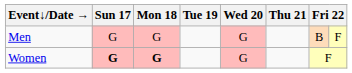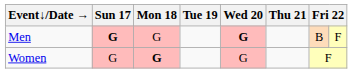 <table class="wikitable" style="margin:0.5em auto; font-size:90%; line-height:1.25em;text-align:center">
 <tr>
 <th>Event↓/Date →</th>
 <th>Sun 17</th>
 <th>Mon 18</th>
 <th>Tue 19</th>
 <th>Wed 20</th>
 <th>Thu 21</th>
 <th colspan="2">Fri 22</th>
 </tr>
 <tr>
 <td style="text-align:left;"><a href='#'>Men</a></td>
-<td bgcolor="#FFBBBB">G</td>
+<td bgcolor="#FFBBBB"><strong>G</strong></td>
 <td bgcolor="#FFBBBB">G</td>
 <td></td>
-<td bgcolor="#FFBBBB">G</td>
+<td bgcolor="#FFBBBB"><strong>G</strong></td>
 <td></td>
 <td bgcolor="#FEDCBA">B</td>
 <td bgcolor="#FFFFBB">F</td>
 </tr>
 <tr>
 <td style="text-align:left;"><a href='#'>Women</a></td>
-<td bgcolor="#FFBBBB"><strong>G</strong></td>
+<td bgcolor="#FFBBBB">G</td>
 <td bgcolor="#FFBBBB"><strong>G</strong></td>
 <td></td>
 <td bgcolor="#FFBBBB">G</td>
 <td></td>
 <td colspan=2 bgcolor="#FFFFBB">F</td>
 </tr>
 </table>
